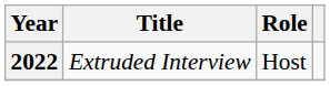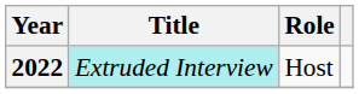 <table class="wikitable sortable plainrowheaders">
 <tr>
 <th scope="col">Year</th>
 <th scope="col">Title</th>
 <th scope="col">Role</th>
 <th scope="col" class="unsortable"></th>
 </tr>
 <tr>
 <th scope="row">2022</th>
-<td><em>Extruded Interview</em></td>
+<td style="background: paleturquoise;"><em>Extruded Interview</em></td>
 <td>Host</td>
 <td></td>
 </tr>
 <tr>
 </tr>
 </table>
